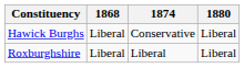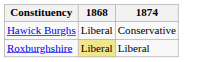 <table class="wikitable">
 <tr>
 <th>Constituency</th>
 <th>1868</th>
 <th>1874</th>
-<th>1880</th>
 </tr>
 <tr>
 <td><a href='#'>Hawick Burghs</a></td>
 <td>Liberal</td>
 <td>Conservative</td>
-<td>Liberal</td>
 </tr>
 <tr>
 <td><a href='#'>Roxburghshire</a></td>
-<td>Liberal</td>
-<td>Liberal</td>
+<td style="background: khaki;">Liberal</td>
 <td>Liberal</td>
 </tr>
 </table>
